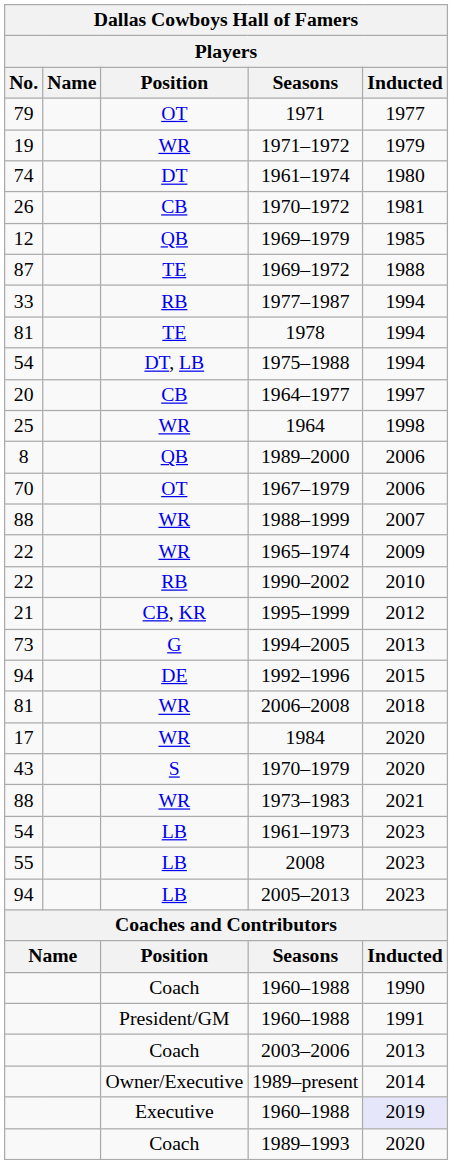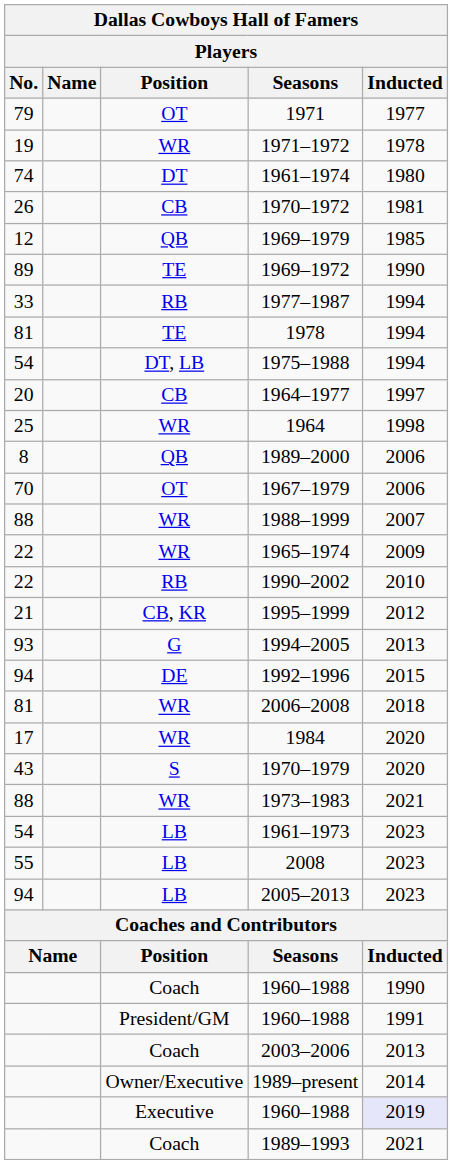 <table class="wikitable" style="text-align:center">
 <tr>
 <th colspan="5">Dallas Cowboys Hall of Famers</th>
 </tr>
 <tr>
 <th colspan="5">Players</th>
 </tr>
 <tr>
 <th>No.</th>
 <th>Name</th>
 <th>Position</th>
 <th>Seasons</th>
 <th>Inducted</th>
 </tr>
 <tr>
 <td>79</td>
 <td></td>
 <td><a href='#'>OT</a></td>
 <td>1971</td>
 <td>1977</td>
 </tr>
 <tr>
 <td>19</td>
 <td></td>
 <td><a href='#'>WR</a></td>
 <td>1971–1972</td>
-<td>1979</td>
+<td>1978</td>
 </tr>
 <tr>
 <td>74</td>
 <td><strong></strong></td>
 <td><a href='#'>DT</a></td>
 <td>1961–1974</td>
 <td>1980</td>
 </tr>
 <tr>
 <td>26</td>
 <td></td>
 <td><a href='#'>CB</a></td>
 <td>1970–1972</td>
 <td>1981</td>
 </tr>
 <tr>
 <td>12</td>
 <td><strong></strong></td>
 <td><a href='#'>QB</a></td>
 <td>1969–1979</td>
 <td>1985</td>
 </tr>
 <tr>
-<td>87</td>
+<td>89</td>
 <td></td>
 <td><a href='#'>TE</a></td>
 <td>1969–1972</td>
-<td>1988</td>
+<td>1990</td>
 </tr>
 <tr>
 <td>33</td>
 <td><strong></strong></td>
 <td><a href='#'>RB</a></td>
 <td>1977–1987</td>
 <td>1994</td>
 </tr>
 <tr>
 <td>81</td>
 <td></td>
 <td><a href='#'>TE</a></td>
 <td>1978</td>
 <td>1994</td>
 </tr>
 <tr>
 <td>54</td>
 <td><strong></strong></td>
 <td><a href='#'>DT</a>, <a href='#'>LB</a></td>
 <td>1975–1988</td>
 <td>1994</td>
 </tr>
 <tr>
 <td>20</td>
 <td><strong></strong></td>
 <td><a href='#'>CB</a></td>
 <td>1964–1977</td>
 <td>1997</td>
 </tr>
 <tr>
 <td>25</td>
 <td></td>
 <td><a href='#'>WR</a></td>
 <td>1964</td>
 <td>1998</td>
 </tr>
 <tr>
 <td>8</td>
 <td><strong></strong></td>
 <td><a href='#'>QB</a></td>
 <td>1989–2000</td>
 <td>2006</td>
 </tr>
 <tr>
 <td>70</td>
 <td><strong></strong></td>
 <td><a href='#'>OT</a></td>
 <td>1967–1979</td>
 <td>2006</td>
 </tr>
 <tr>
 <td>88</td>
 <td><strong></strong></td>
 <td><a href='#'>WR</a></td>
 <td>1988–1999</td>
 <td>2007</td>
 </tr>
 <tr>
 <td>22</td>
 <td><strong></strong></td>
 <td><a href='#'>WR</a></td>
 <td>1965–1974</td>
 <td>2009</td>
 </tr>
 <tr>
 <td>22</td>
 <td><strong></strong></td>
 <td><a href='#'>RB</a></td>
 <td>1990–2002</td>
 <td>2010</td>
 </tr>
 <tr>
 <td>21</td>
 <td><strong></strong></td>
 <td><a href='#'>CB</a>, <a href='#'>KR</a></td>
 <td>1995–1999</td>
 <td>2012</td>
 </tr>
 <tr>
-<td>73</td>
+<td>93</td>
 <td><strong></strong></td>
 <td><a href='#'>G</a></td>
 <td>1994–2005</td>
 <td>2013</td>
 </tr>
 <tr>
 <td>94</td>
 <td><strong></strong></td>
 <td><a href='#'>DE</a></td>
 <td>1992–1996</td>
 <td>2015</td>
 </tr>
 <tr>
 <td>81</td>
 <td></td>
 <td><a href='#'>WR</a></td>
 <td>2006–2008</td>
 <td>2018</td>
 </tr>
 <tr>
 <td>17</td>
 <td></td>
 <td><a href='#'>WR</a></td>
 <td>1984</td>
 <td>2020</td>
 </tr>
 <tr>
 <td>43</td>
 <td><strong></strong></td>
 <td><a href='#'>S</a></td>
 <td>1970–1979</td>
 <td>2020</td>
 </tr>
 <tr>
 <td>88</td>
 <td><strong></strong></td>
 <td><a href='#'>WR</a></td>
 <td>1973–1983</td>
 <td>2021</td>
 </tr>
 <tr>
 <td>54</td>
 <td><strong></strong></td>
 <td><a href='#'>LB</a></td>
 <td>1961–1973</td>
 <td>2023</td>
 </tr>
 <tr>
 <td>55</td>
 <td></td>
 <td><a href='#'>LB</a></td>
 <td>2008</td>
 <td>2023</td>
 </tr>
 <tr>
 <td>94</td>
 <td><strong></strong></td>
 <td><a href='#'>LB</a></td>
 <td>2005–2013</td>
 <td>2023</td>
 </tr>
 <tr>
 <th colspan="5">Coaches and Contributors</th>
 </tr>
 <tr>
 <th colspan=2>Name</th>
 <th>Position</th>
 <th>Seasons</th>
 <th>Inducted</th>
 </tr>
 <tr>
 <td colspan=2><strong></strong></td>
 <td>Coach</td>
 <td>1960–1988</td>
 <td>1990</td>
 </tr>
 <tr>
 <td colspan=2><strong></strong></td>
 <td>President/GM</td>
 <td>1960–1988</td>
 <td>1991</td>
 </tr>
 <tr>
 <td colspan=2></td>
 <td>Coach</td>
 <td>2003–2006</td>
 <td>2013</td>
 </tr>
 <tr>
 <td colspan=2><strong></strong></td>
 <td>Owner/Executive</td>
 <td>1989–present</td>
 <td>2014</td>
 </tr>
 <tr>
 <td colspan=2><strong></strong></td>
 <td>Executive</td>
 <td>1960–1988</td>
 <td style="background: lavender;">2019</td>
 </tr>
 <tr>
 <td colspan=2><strong></strong></td>
 <td>Coach</td>
 <td>1989–1993</td>
-<td>2020</td>
+<td>2021</td>
 </tr>
 <tr>
 </tr>
 </table>
